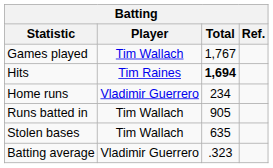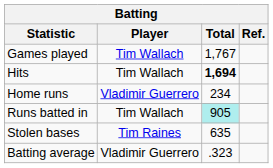 <table class="wikitable" style="text-align:center">
 <tr>
 <th colspan=5>Batting</th>
 </tr>
 <tr>
 <th align="left">Statistic</th>
 <th>Player</th>
 <th>Total</th>
 <th>Ref.</th>
 </tr>
 <tr>
 <td align="left">Games played</td>
 <td><a href='#'>Tim Wallach</a></td>
 <td>1,767</td>
 <td></td>
 </tr>
 <tr>
 <td align="left">Hits</td>
-<td><a href='#'>Tim Raines</a></td>
+<td>Tim Wallach</td>
 <td><strong>1,694</strong></td>
 <td></td>
 </tr>
 <tr>
 <td align="left">Home runs</td>
 <td><a href='#'>Vladimir Guerrero</a></td>
 <td>234</td>
 <td></td>
 </tr>
 <tr>
 <td align="left">Runs batted in</td>
 <td>Tim Wallach</td>
-<td>905</td>
+<td style="background: paleturquoise;">905</td>
 <td></td>
 </tr>
 <tr>
 <td align="left">Stolen bases</td>
-<td>Tim Wallach</td>
+<td><a href='#'>Tim Raines</a></td>
 <td>635</td>
 <td></td>
 </tr>
 <tr>
 <td align="left">Batting average</td>
 <td>Vladimir Guerrero</td>
 <td>.323</td>
 <td></td>
 </tr>
 </table>
